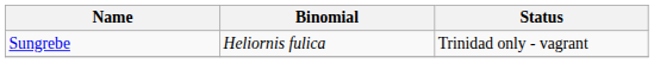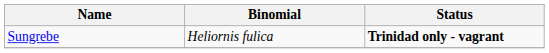 <table width=72% class="wikitable">
 <tr>
 <th width=24%>Name</th>
 <th width=24%>Binomial</th>
 <th width=24%>Status</th>
 </tr>
 <tr>
 <td><a href='#'>Sungrebe</a></td>
 <td><em>Heliornis fulica</em></td>
-<td>Trinidad only - vagrant</td>
+<td><strong>Trinidad only - vagrant</strong></td>
 </tr>
 <tr>
 </tr>
 </table>
